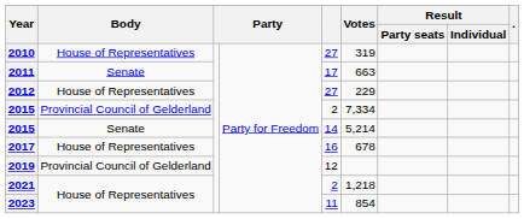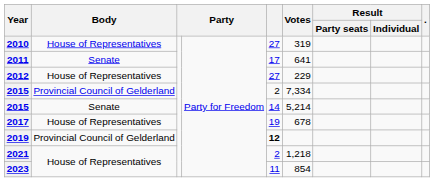 <table class="wikitable plainrowheaders sortable" border=2 cellpadding=4 cellspacing=0 style="border: 1px #aaa solid; font-size: 90%; text-align:center;">
 <tr>
 <th scope="col" rowspan=2>Year</th>
 <th scope="col" rowspan=2>Body</th>
 <th scope="col" colspan=2 rowspan=2>Party</th>
 <th scope="col" rowspan=2></th>
 <th scope="col" rowspan=2>Votes</th>
 <th scope="colgroup" colspan=2>Result</th>
 <th scope="col" rowspan=2 class="unsortable">.</th>
 </tr>
 <tr>
 <th scope="col">Party seats</th>
 <th scope="col">Individual</th>
 </tr>
 <tr>
 <th scope="row"><a href='#'>2010</a></th>
 <td><a href='#'>House of Representatives</a></td>
 <td rowspan=9 style="background-color:"></td>
 <td rowspan=9><a href='#'>Party for Freedom</a></td>
 <td style=text-align:right><a href='#'>27</a></td>
 <td style=text-align:right>319</td>
 <td style=text-align:right></td>
 <td></td>
 <td></td>
 </tr>
 <tr>
 <th scope="row"><a href='#'>2011</a></th>
 <td><a href='#'>Senate</a></td>
 <td style=text-align:right><a href='#'>17</a></td>
-<td style=text-align:right>663</td>
+<td style=text-align:right>641</td>
 <td style=text-align:right></td>
 <td></td>
 <td></td>
 </tr>
 <tr>
 <th scope="row"><a href='#'>2012</a></th>
 <td>House of Representatives</td>
 <td style=text-align:right><a href='#'>27</a></td>
 <td style=text-align:right>229</td>
 <td style=text-align:right></td>
 <td></td>
 <td></td>
 </tr>
 <tr>
 <th scope="row"><a href='#'>2015</a></th>
 <td><a href='#'>Provincial Council of Gelderland</a></td>
 <td style=text-align:right>2</td>
 <td style=text-align:right>7,334</td>
 <td style=text-align:right></td>
 <td></td>
 <td></td>
 </tr>
 <tr>
 <th scope="row"><a href='#'>2015</a></th>
 <td>Senate</td>
 <td style=text-align:right><a href='#'>14</a></td>
 <td style=text-align:right>5,214</td>
 <td style=text-align:right></td>
 <td></td>
 <td></td>
 </tr>
 <tr>
 <th scope="row"><a href='#'>2017</a></th>
 <td>House of Representatives</td>
-<td style=text-align:right><a href='#'>16</a></td>
+<td style=text-align:right><a href='#'>19</a></td>
 <td style=text-align:right>678</td>
 <td style=text-align:right></td>
 <td></td>
 <td></td>
 </tr>
 <tr>
 <th scope="row"><a href='#'>2019</a></th>
 <td>Provincial Council of Gelderland</td>
-<td style=text-align:right>12</td>
+<td style=text-align:right><strong>12</strong></td>
 <td style=text-align:right></td>
 <td style=text-align:right></td>
 <td></td>
 <td></td>
 </tr>
 <tr>
 <th scope="row"><a href='#'>2021</a></th>
 <td rowspan=2>House of Representatives</td>
 <td style=text-align:right><a href='#'>2</a></td>
 <td style=text-align:right>1,218</td>
 <td style=text-align:right></td>
 <td></td>
 <td></td>
 </tr>
 <tr>
 <th scope="row"><a href='#'>2023</a></th>
 <td style=text-align:right><a href='#'>11</a></td>
 <td style=text-align:right>854</td>
 <td style=text-align:right></td>
 <td></td>
 <td></td>
 </tr>
 </table>
